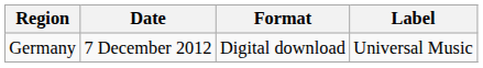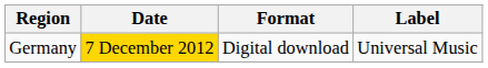 <table class=wikitable>
 <tr>
 <th scope="col">Region</th>
 <th scope="col">Date</th>
 <th scope="col">Format</th>
 <th scope="col">Label</th>
 </tr>
 <tr>
 <td>Germany</td>
-<td>7 December 2012</td>
+<td style="background: gold;">7 December 2012</td>
 <td>Digital download</td>
 <td>Universal Music</td>
 </tr>
 <tr>
 </tr>
 </table>
